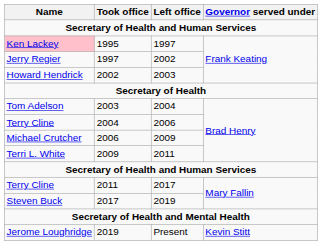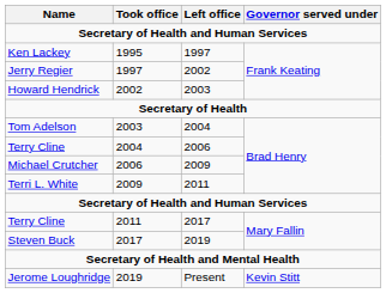 <table class="wikitable">
 <tr>
 <th>Name</th>
 <th>Took office</th>
 <th>Left office</th>
 <th><a href='#'>Governor</a> served under</th>
 </tr>
 <tr>
 <td colspan="4" align="center"><strong>Secretary of Health and Human Services</strong></td>
 </tr>
 <tr>
-<td style="background: pink;"><a href='#'>Ken Lackey</a></td>
+<td><a href='#'>Ken Lackey</a></td>
 <td>1995</td>
 <td>1997</td>
 <td rowspan=3 ><a href='#'>Frank Keating</a></td>
 </tr>
 <tr>
 <td><a href='#'>Jerry Regier</a></td>
 <td>1997</td>
 <td>2002</td>
 </tr>
 <tr>
 <td><a href='#'>Howard Hendrick</a></td>
 <td>2002</td>
 <td>2003</td>
 </tr>
 <tr>
 <td colspan="4" align="center"><strong>Secretary of Health</strong></td>
 </tr>
 <tr>
 <td><a href='#'>Tom Adelson</a></td>
 <td>2003</td>
 <td>2004</td>
 <td rowspan=4 ><a href='#'>Brad Henry</a></td>
 </tr>
 <tr>
 <td><a href='#'>Terry Cline</a></td>
 <td>2004</td>
 <td>2006</td>
 </tr>
 <tr>
 <td><a href='#'>Michael Crutcher</a></td>
 <td>2006</td>
 <td>2009</td>
 </tr>
 <tr>
 <td><a href='#'>Terri L. White</a></td>
 <td>2009</td>
 <td>2011</td>
 </tr>
 <tr>
 <td colspan="4" align="center"><strong>Secretary of Health and Human Services</strong></td>
 </tr>
 <tr>
 <td><a href='#'>Terry Cline</a></td>
 <td>2011</td>
 <td>2017</td>
 <td rowspan=2 ><a href='#'>Mary Fallin</a></td>
 </tr>
 <tr>
 <td><a href='#'>Steven Buck</a></td>
 <td>2017</td>
 <td>2019</td>
 </tr>
 <tr>
 <td colspan="4" align="center"><strong>Secretary of Health and Mental Health</strong></td>
 </tr>
 <tr>
 <td><a href='#'>Jerome Loughridge</a></td>
 <td>2019</td>
 <td>Present</td>
 <td><a href='#'>Kevin Stitt</a></td>
 </tr>
 </table>
